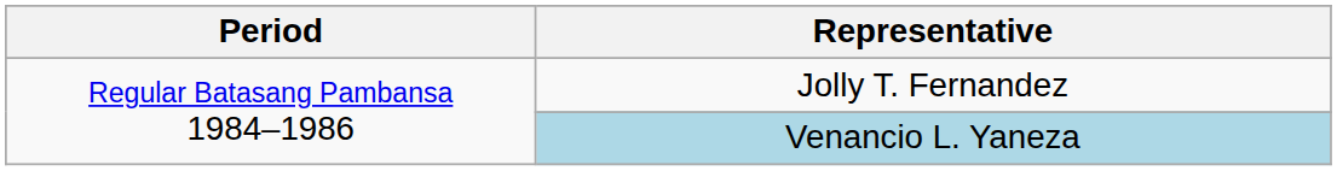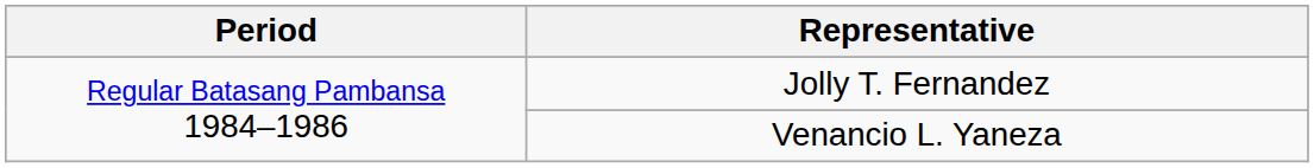 <table class="wikitable" style="text-align:center; width:40%;">
 <tr>
 <th width="40%">Period</th>
 <th>Representative</th>
 </tr>
 <tr>
 <td rowspan="2"><small><a href='#'>Regular Batasang Pambansa</a></small><br>1984–1986</td>
 <td>Jolly T. Fernandez</td>
 </tr>
 <tr>
-<td style="background: lightblue;">Venancio L. Yaneza</td>
+<td>Venancio L. Yaneza</td>
 </tr>
 </table>
